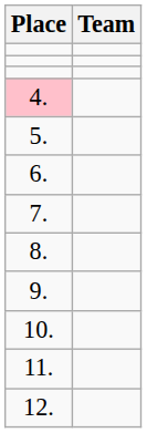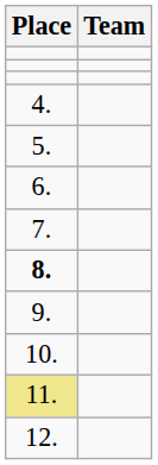 <table class="wikitable">
 <tr>
 <th>Place</th>
 <th style="text-align: left;">Team</th>
 </tr>
 <tr>
 <td align="center"></td>
 <td></td>
 </tr>
 <tr>
 <td align="center"></td>
 <td></td>
 </tr>
 <tr>
 <td align="center"></td>
 <td></td>
 </tr>
 <tr>
-<td align="center" style="background: pink;">4.</td>
+<td align="center">4.</td>
 <td></td>
 </tr>
 <tr>
 <td align="center">5.</td>
 <td></td>
 </tr>
 <tr>
 <td align="center">6.</td>
 <td></td>
 </tr>
 <tr>
 <td align="center">7.</td>
 <td></td>
 </tr>
 <tr>
-<td align="center">8.</td>
+<td align="center"><strong>8.</strong></td>
 <td></td>
 </tr>
 <tr>
 <td align="center">9.</td>
 <td></td>
 </tr>
 <tr>
 <td align="center">10.</td>
 <td></td>
 </tr>
 <tr>
-<td align="center">11.</td>
+<td align="center" style="background: khaki;">11.</td>
 <td></td>
 </tr>
 <tr>
 <td align="center">12.</td>
 <td></td>
 </tr>
 </table>
